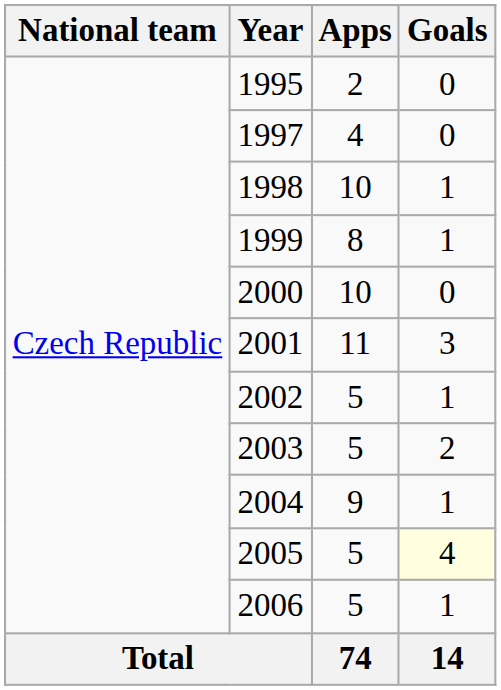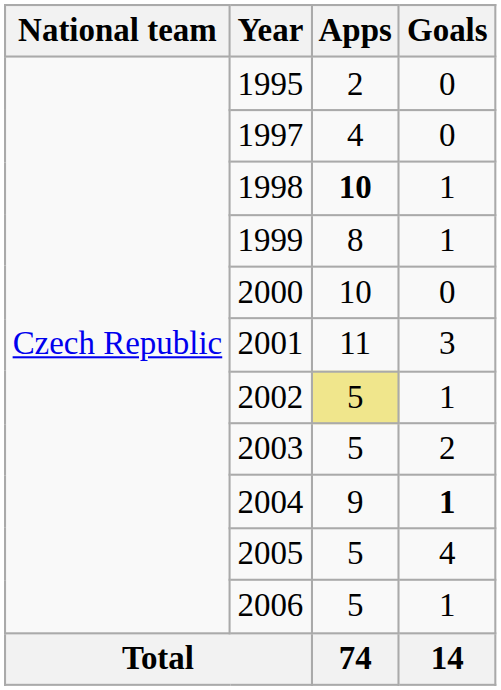 <table class="wikitable" style="text-align:center">
 <tr>
 <th>National team</th>
 <th>Year</th>
 <th>Apps</th>
 <th>Goals</th>
 </tr>
 <tr>
 <td rowspan="11"><a href='#'>Czech Republic</a></td>
 <td>1995</td>
 <td>2</td>
 <td>0</td>
 </tr>
 <tr>
 <td>1997</td>
 <td>4</td>
 <td>0</td>
 </tr>
 <tr>
 <td>1998</td>
-<td>10</td>
+<td><strong>10</strong></td>
 <td>1</td>
 </tr>
 <tr>
 <td>1999</td>
 <td>8</td>
 <td>1</td>
 </tr>
 <tr>
 <td>2000</td>
 <td>10</td>
 <td>0</td>
 </tr>
 <tr>
 <td>2001</td>
 <td>11</td>
 <td>3</td>
 </tr>
 <tr>
 <td>2002</td>
-<td>5</td>
+<td style="background: khaki;">5</td>
 <td>1</td>
 </tr>
 <tr>
 <td>2003</td>
 <td>5</td>
 <td>2</td>
 </tr>
 <tr>
 <td>2004</td>
 <td>9</td>
-<td>1</td>
+<td><strong>1</strong></td>
 </tr>
 <tr>
 <td>2005</td>
 <td>5</td>
-<td style="background: lightyellow;">4</td>
+<td>4</td>
 </tr>
 <tr>
 <td>2006</td>
 <td>5</td>
 <td>1</td>
 </tr>
 <tr>
 <th colspan="2">Total</th>
 <th>74</th>
 <th>14</th>
 </tr>
 </table>
